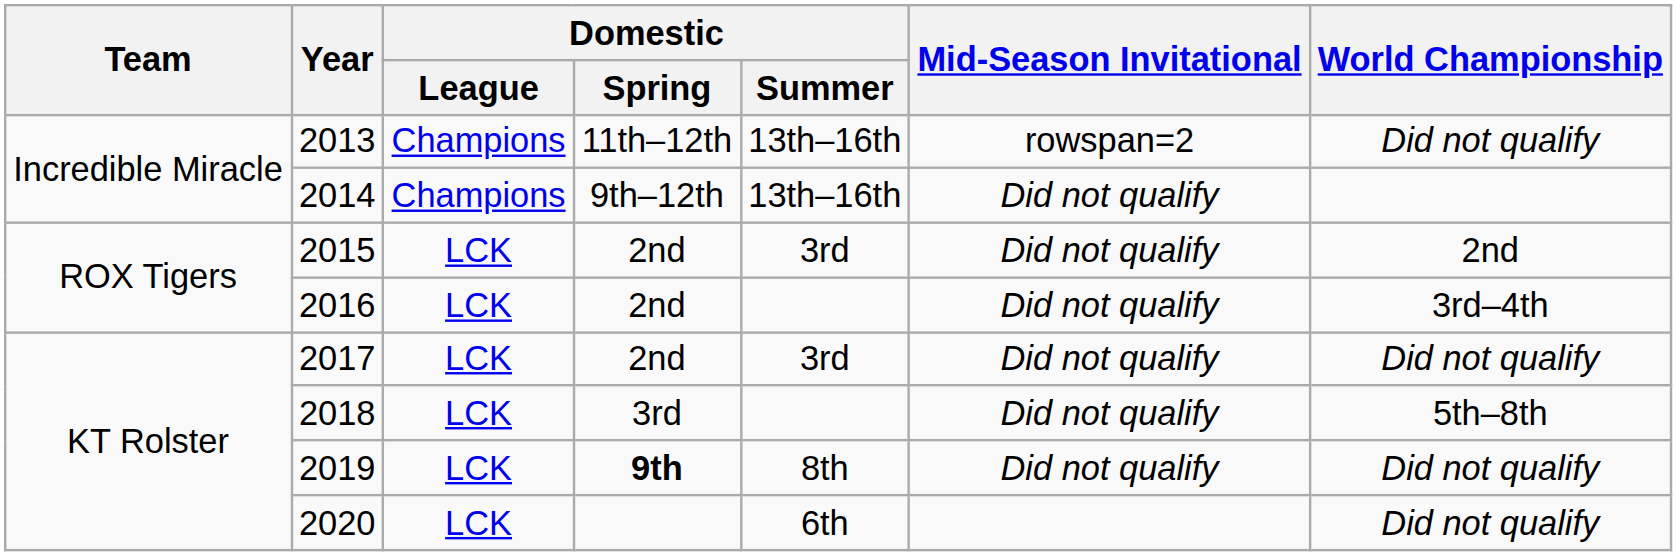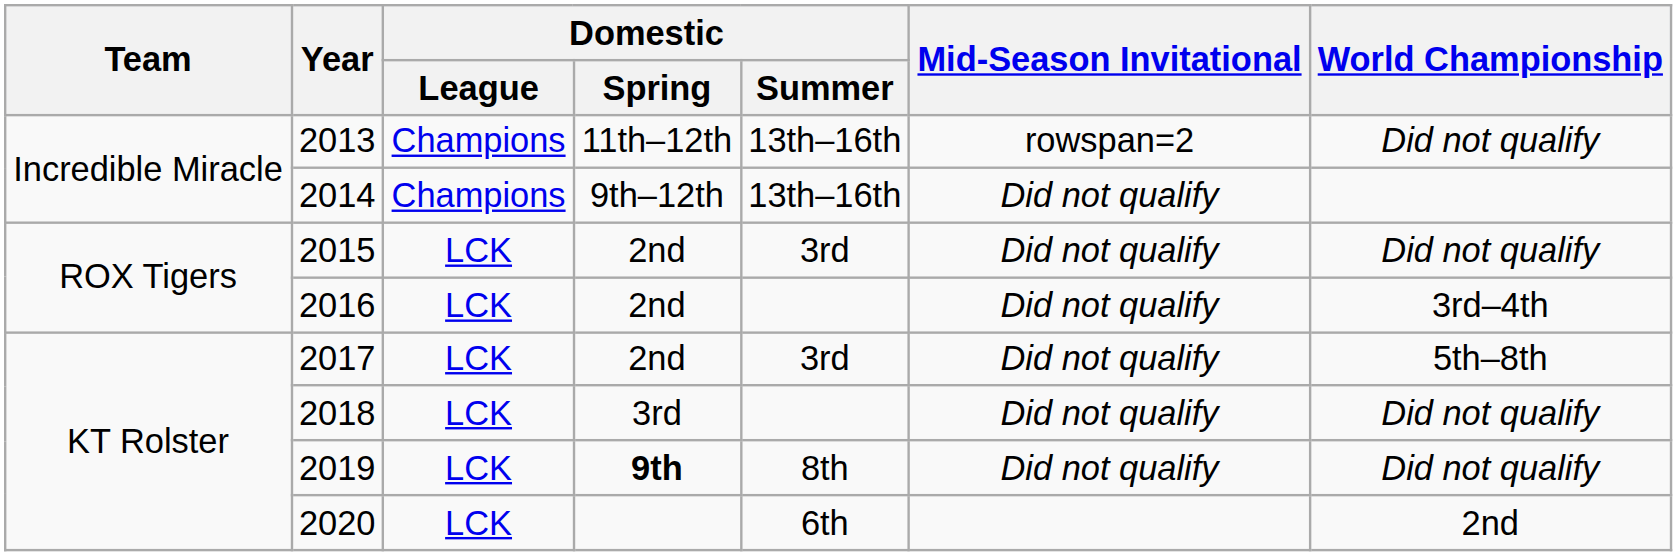 <table class="wikitable" style="font-size:90%; text-align:center;">
 <tr style="background:#f0f6ff;">
 <th rowspan=2>Team</th>
 <th rowspan=2>Year</th>
 <th colspan=3>Domestic</th>
 <th rowspan=2><a href='#'>Mid-Season Invitational</a></th>
 <th rowspan=2><a href='#'>World Championship</a></th>
 </tr>
 <tr>
 <th>League</th>
 <th>Spring</th>
 <th>Summer</th>
 </tr>
 <tr>
 <td rowspan="2">Incredible Miracle</td>
 <td>2013</td>
 <td><a href='#'>Champions</a></td>
 <td>11th–12th</td>
 <td>13th–16th</td>
 <td>rowspan=2 </td>
 <td><em>Did not qualify</em></td>
 </tr>
 <tr>
 <td>2014</td>
 <td><a href='#'>Champions</a></td>
 <td>9th–12th</td>
 <td>13th–16th</td>
 <td><em>Did not qualify</em></td>
 </tr>
 <tr>
 <td rowspan="2">ROX Tigers</td>
 <td>2015</td>
 <td><a href='#'>LCK</a></td>
 <td>2nd</td>
 <td>3rd</td>
 <td><em>Did not qualify</em></td>
-<td>2nd</td>
+<td><em>Did not qualify</em></td>
 </tr>
 <tr>
 <td>2016</td>
 <td><a href='#'>LCK</a></td>
 <td>2nd</td>
 <td></td>
 <td><em>Did not qualify</em></td>
 <td>3rd–4th</td>
 </tr>
 <tr>
 <td rowspan="4">KT Rolster</td>
 <td>2017</td>
 <td><a href='#'>LCK</a></td>
 <td>2nd</td>
 <td>3rd</td>
 <td><em>Did not qualify</em></td>
-<td><em>Did not qualify</em></td>
+<td>5th–8th</td>
 </tr>
 <tr>
 <td>2018</td>
 <td><a href='#'>LCK</a></td>
 <td>3rd</td>
 <td></td>
 <td><em>Did not qualify</em></td>
-<td>5th–8th</td>
+<td><em>Did not qualify</em></td>
 </tr>
 <tr>
 <td>2019</td>
 <td><a href='#'>LCK</a></td>
 <td><strong>9th</strong></td>
 <td>8th</td>
 <td><em>Did not qualify</em></td>
 <td><em>Did not qualify</em></td>
 </tr>
 <tr>
 <td>2020</td>
 <td><a href='#'>LCK</a></td>
 <td></td>
 <td>6th</td>
 <td></td>
-<td><em>Did not qualify</em></td>
+<td>2nd</td>
 </tr>
 </table>
